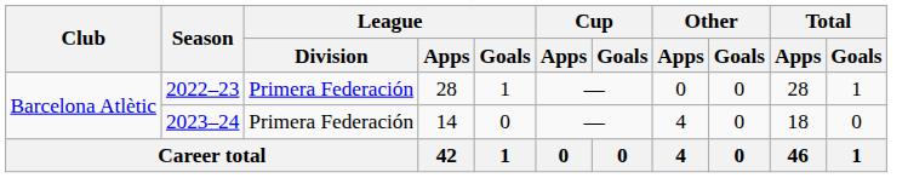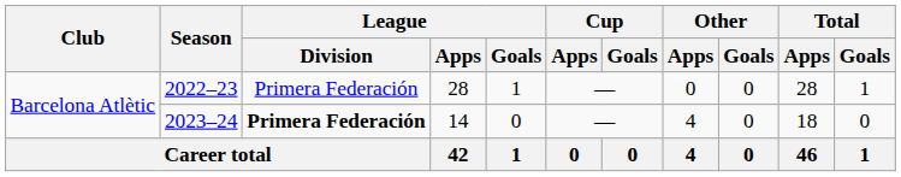 <table class="wikitable" style="text-align: center">
 <tr>
 <th rowspan="2">Club</th>
 <th rowspan="2">Season</th>
 <th colspan="3">League</th>
 <th colspan="2">Cup</th>
 <th colspan="2">Other</th>
 <th colspan="2">Total</th>
 </tr>
 <tr>
 <th>Division</th>
 <th>Apps</th>
 <th>Goals</th>
 <th>Apps</th>
 <th>Goals</th>
 <th>Apps</th>
 <th>Goals</th>
 <th>Apps</th>
 <th>Goals</th>
 </tr>
 <tr>
 <td rowspan="2"><a href='#'>Barcelona Atlètic</a></td>
 <td><a href='#'>2022–23</a></td>
 <td><a href='#'>Primera Federación</a></td>
 <td>28</td>
 <td>1</td>
 <td colspan="2">—</td>
 <td>0</td>
 <td>0</td>
 <td>28</td>
 <td>1</td>
 </tr>
 <tr>
 <td><a href='#'>2023–24</a></td>
-<td>Primera Federación</td>
+<td><strong>Primera Federación</strong></td>
 <td>14</td>
 <td>0</td>
 <td colspan="2">—</td>
 <td>4</td>
 <td>0</td>
 <td>18</td>
 <td>0</td>
 </tr>
 <tr>
 <th colspan="3">Career total</th>
 <th>42</th>
 <th>1</th>
 <th>0</th>
 <th>0</th>
 <th>4</th>
 <th>0</th>
 <th>46</th>
 <th>1</th>
 </tr>
 </table>
